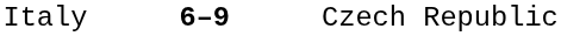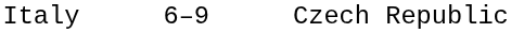 <table style="text-align:center">
 <tr>
 <th width=200></th>
 <th width=100></th>
 <th width=200></th>
 </tr>
 <tr>
 <td align=right>Italy </td>
-<td><strong>6–9</strong></td>
+<td>6–9</td>
 <td align=left> Czech Republic</td>
 </tr>
 </table>
